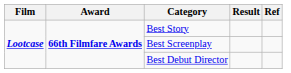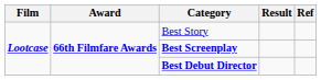 <table class="wikitable">
 <tr>
 <th><strong>Film</strong></th>
 <th><strong>Award</strong></th>
 <th><strong>Category</strong></th>
 <th><strong>Result</strong></th>
 <th><strong>Ref</strong></th>
 </tr>
 <tr>
 <td rowspan="3"><strong><em><a href='#'>Lootcase</a></em></strong></td>
 <td rowspan="3"><strong><a href='#'>66th Filmfare Awards</a></strong></td>
 <td><a href='#'>Best Story</a></td>
 <td></td>
 <td></td>
 </tr>
 <tr>
-<td><a href='#'>Best Screenplay</a></td>
+<td><strong><a href='#'>Best Screenplay</a></strong></td>
 <td></td>
 <td></td>
 </tr>
 <tr>
-<td><a href='#'>Best Debut Director</a></td>
+<td><strong><a href='#'>Best Debut Director</a></strong></td>
 <td></td>
 <td></td>
 </tr>
 </table>
